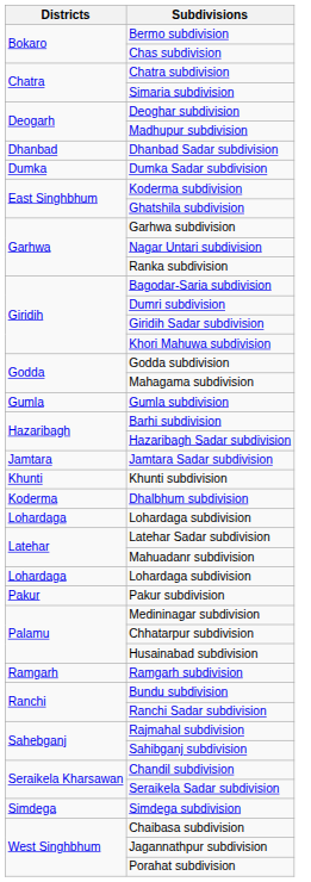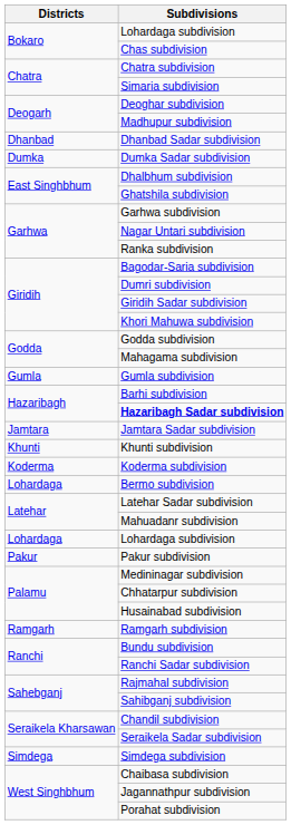 <table class="wikitable sortable">
 <tr>
 <th>Districts</th>
 <th>Subdivisions</th>
 </tr>
 <tr>
 <td rowspan="2"><a href='#'>Bokaro</a></td>
-<td><a href='#'>Bermo subdivision</a></td>
+<td>Lohardaga subdivision</td>
 </tr>
 <tr>
 <td><a href='#'>Chas subdivision</a></td>
 </tr>
 <tr>
 <td rowspan="2"><a href='#'>Chatra</a></td>
 <td><a href='#'>Chatra subdivision</a></td>
 </tr>
 <tr>
 <td><a href='#'>Simaria subdivision</a></td>
 </tr>
 <tr>
 <td rowspan="2"><a href='#'> Deogarh</a></td>
 <td><a href='#'>Deoghar subdivision</a></td>
 </tr>
 <tr>
 <td><a href='#'>Madhupur subdivision</a></td>
 </tr>
 <tr>
 <td><a href='#'>Dhanbad</a></td>
 <td><a href='#'>Dhanbad Sadar subdivision</a></td>
 </tr>
 <tr>
 <td><a href='#'>Dumka</a></td>
 <td><a href='#'>Dumka Sadar subdivision</a></td>
 </tr>
 <tr>
 <td rowspan="2"><a href='#'>East Singhbhum</a></td>
-<td><a href='#'>Koderma subdivision</a></td>
+<td><a href='#'>Dhalbhum subdivision</a></td>
 </tr>
 <tr>
 <td><a href='#'>Ghatshila subdivision</a></td>
 </tr>
 <tr>
 <td rowspan="3"><a href='#'>Garhwa</a></td>
 <td>Garhwa subdivision</td>
 </tr>
 <tr>
 <td><a href='#'>Nagar Untari subdivision</a></td>
 </tr>
 <tr>
 <td>Ranka subdivision</td>
 </tr>
 <tr>
 <td rowspan="4"><a href='#'>Giridih</a></td>
 <td><a href='#'>Bagodar-Saria subdivision</a></td>
 </tr>
 <tr>
 <td><a href='#'>Dumri subdivision</a></td>
 </tr>
 <tr>
 <td><a href='#'>Giridih Sadar subdivision</a></td>
 </tr>
 <tr>
 <td><a href='#'>Khori Mahuwa subdivision</a></td>
 </tr>
 <tr>
 <td rowspan="2"><a href='#'>Godda</a></td>
 <td>Godda subdivision</td>
 </tr>
 <tr>
 <td>Mahagama subdivision</td>
 </tr>
 <tr>
 <td><a href='#'>Gumla</a></td>
 <td><a href='#'>Gumla subdivision</a></td>
 </tr>
 <tr>
 <td rowspan="2"><a href='#'>Hazaribagh</a></td>
 <td><a href='#'>Barhi subdivision</a></td>
 </tr>
 <tr>
-<td><a href='#'>Hazaribagh Sadar subdivision</a></td>
+<td><strong><a href='#'>Hazaribagh Sadar subdivision</a></strong></td>
 </tr>
 <tr>
 <td><a href='#'>Jamtara</a></td>
 <td><a href='#'>Jamtara Sadar subdivision</a></td>
 </tr>
 <tr>
 <td><a href='#'>Khunti</a></td>
 <td>Khunti subdivision</td>
 </tr>
 <tr>
 <td><a href='#'>Koderma</a></td>
-<td><a href='#'>Dhalbhum subdivision</a></td>
+<td><a href='#'>Koderma subdivision</a></td>
 </tr>
 <tr>
 <td><a href='#'>Lohardaga</a></td>
-<td>Lohardaga subdivision</td>
+<td><a href='#'>Bermo subdivision</a></td>
 </tr>
 <tr>
 <td rowspan="2"><a href='#'>Latehar</a></td>
 <td>Latehar Sadar subdivision</td>
 </tr>
 <tr>
 <td>Mahuadanr subdivision</td>
 </tr>
 <tr>
 <td><a href='#'>Lohardaga</a></td>
 <td>Lohardaga subdivision</td>
 </tr>
 <tr>
 <td><a href='#'>Pakur</a></td>
 <td>Pakur subdivision</td>
 </tr>
 <tr>
 <td rowspan="3"><a href='#'>Palamu</a></td>
 <td>Medininagar subdivision</td>
 </tr>
 <tr>
 <td>Chhatarpur subdivision</td>
 </tr>
 <tr>
 <td>Husainabad subdivision</td>
 </tr>
 <tr>
 <td><a href='#'>Ramgarh</a></td>
 <td><a href='#'>Ramgarh subdivision</a></td>
 </tr>
 <tr>
 <td rowspan="2"><a href='#'>Ranchi</a></td>
 <td><a href='#'>Bundu subdivision</a></td>
 </tr>
 <tr>
 <td><a href='#'>Ranchi Sadar subdivision</a></td>
 </tr>
 <tr>
 <td rowspan="2"><a href='#'>Sahebganj</a></td>
 <td><a href='#'>Rajmahal subdivision</a></td>
 </tr>
 <tr>
 <td><a href='#'>Sahibganj subdivision</a></td>
 </tr>
 <tr>
 <td rowspan="2"><a href='#'>Seraikela Kharsawan</a></td>
 <td><a href='#'>Chandil subdivision</a></td>
 </tr>
 <tr>
 <td><a href='#'>Seraikela Sadar subdivision</a></td>
 </tr>
 <tr>
 <td><a href='#'>Simdega</a></td>
 <td><a href='#'>Simdega subdivision</a></td>
 </tr>
 <tr>
 <td rowspan="3"><a href='#'>West Singhbhum</a></td>
 <td>Chaibasa subdivision</td>
 </tr>
 <tr>
 <td>Jagannathpur subdivision</td>
 </tr>
 <tr>
 <td>Porahat subdivision</td>
 </tr>
 </table>
